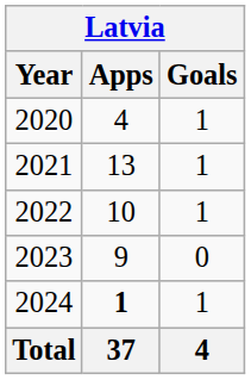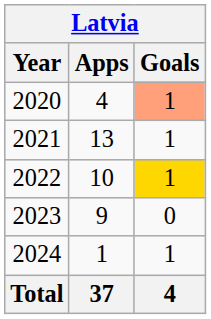 <table class="wikitable" style="text-align:center">
 <tr>
 <th colspan=3><a href='#'>Latvia</a></th>
 </tr>
 <tr>
 <th>Year</th>
 <th>Apps</th>
 <th>Goals</th>
 </tr>
 <tr>
 <td>2020</td>
 <td>4</td>
-<td>1</td>
+<td style="background: lightsalmon;">1</td>
 </tr>
 <tr>
 <td>2021</td>
 <td>13</td>
 <td>1</td>
 </tr>
 <tr>
 <td>2022</td>
 <td>10</td>
-<td>1</td>
+<td style="background: gold;">1</td>
 </tr>
 <tr>
 <td>2023</td>
 <td>9</td>
 <td>0</td>
 </tr>
 <tr>
 <td>2024</td>
-<td><strong>1</strong></td>
+<td>1</td>
 <td>1</td>
 </tr>
 <tr>
 <th>Total</th>
 <th>37</th>
 <th>4</th>
 </tr>
 </table>
